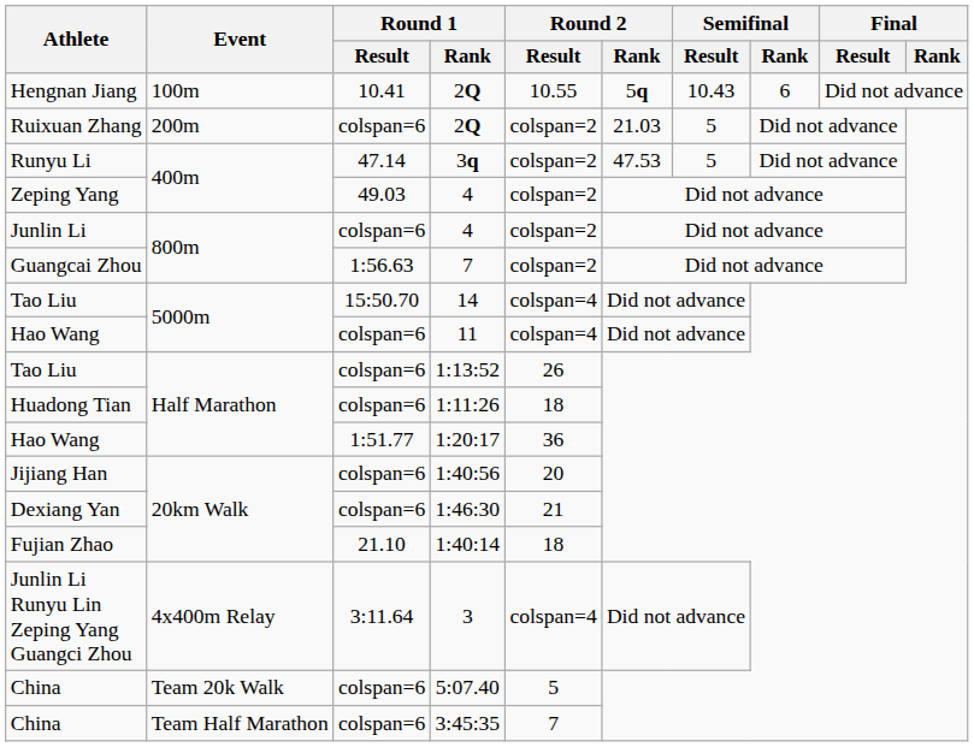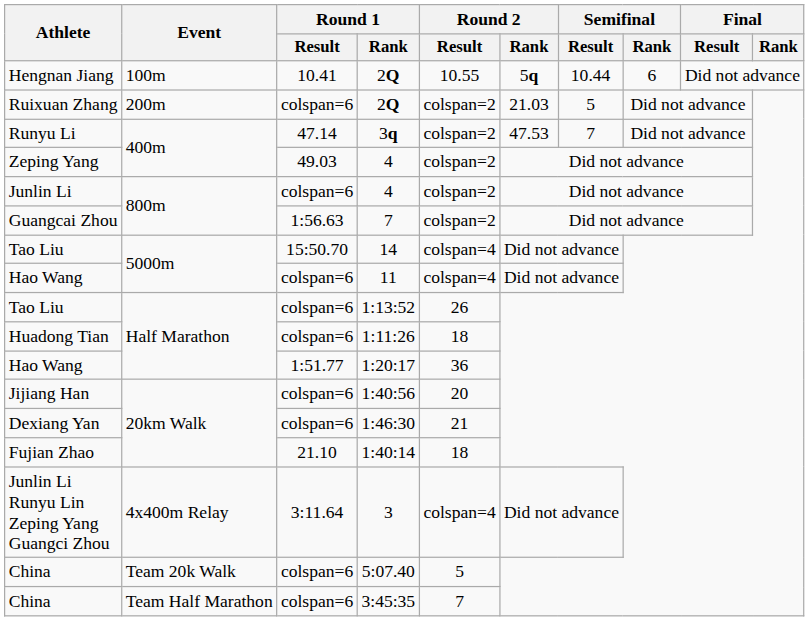 <table class="wikitable" style="font-size:90%">
 <tr>
 <th rowspan="2">Athlete</th>
 <th rowspan="2">Event</th>
 <th colspan="2">Round 1</th>
 <th colspan="2">Round 2</th>
 <th colspan="2">Semifinal</th>
 <th colspan="2">Final</th>
 </tr>
 <tr style="font-size:95%">
 <th>Result</th>
 <th>Rank</th>
 <th>Result</th>
 <th>Rank</th>
 <th>Result</th>
 <th>Rank</th>
 <th>Result</th>
 <th>Rank</th>
 </tr>
 <tr align=center>
 <td align=left>Hengnan Jiang</td>
 <td align=left>100m</td>
 <td>10.41</td>
 <td>2<strong>Q</strong></td>
 <td>10.55</td>
 <td>5<strong>q</strong></td>
-<td>10.43</td>
+<td>10.44</td>
 <td>6</td>
 <td colspan=2>Did not advance</td>
 </tr>
 <tr align=center>
 <td align=left>Ruixuan Zhang</td>
 <td align=left>200m</td>
 <td>colspan=6 </td>
 <td>2<strong>Q</strong></td>
 <td>colspan=2 </td>
 <td>21.03</td>
 <td>5</td>
 <td colspan=2>Did not advance</td>
 </tr>
 <tr align=center>
 <td align=left>Runyu Li</td>
 <td align=left rowspan=2>400m</td>
 <td>47.14</td>
 <td>3<strong>q</strong></td>
 <td>colspan=2 </td>
 <td>47.53</td>
-<td>5</td>
+<td>7</td>
 <td colspan=2>Did not advance</td>
 </tr>
 <tr align=center>
 <td align=left>Zeping Yang</td>
 <td>49.03</td>
 <td>4</td>
 <td>colspan=2 </td>
 <td colspan=4>Did not advance</td>
 </tr>
 <tr align=center>
 <td align=left>Junlin Li</td>
 <td align=left rowspan=2>800m</td>
 <td>colspan=6 </td>
 <td>4</td>
 <td>colspan=2 </td>
 <td colspan=4>Did not advance</td>
 </tr>
 <tr align=center>
 <td align=left>Guangcai Zhou</td>
 <td>1:56.63</td>
 <td>7</td>
 <td>colspan=2 </td>
 <td colspan=4>Did not advance</td>
 </tr>
 <tr align=center>
 <td align=left>Tao Liu</td>
 <td align=left rowspan=2>5000m</td>
 <td>15:50.70</td>
 <td>14</td>
 <td>colspan=4 </td>
 <td colspan=2>Did not advance</td>
 </tr>
 <tr align=center>
 <td align=left>Hao Wang</td>
 <td>colspan=6 </td>
 <td>11</td>
 <td>colspan=4 </td>
 <td colspan=2>Did not advance</td>
 </tr>
 <tr align=center>
 <td align=left>Tao Liu</td>
 <td align=left rowspan=3>Half Marathon</td>
 <td>colspan=6 </td>
 <td>1:13:52</td>
 <td>26</td>
 </tr>
 <tr align=center>
 <td align=left>Huadong Tian</td>
 <td>colspan=6 </td>
 <td>1:11:26</td>
 <td>18</td>
 </tr>
 <tr align=center>
 <td align=left>Hao Wang</td>
 <td>1:51.77</td>
 <td>1:20:17</td>
 <td>36</td>
 </tr>
 <tr align=center>
 <td align=left>Jijiang Han</td>
 <td align=left rowspan=3>20km Walk</td>
 <td>colspan=6 </td>
 <td>1:40:56</td>
 <td>20</td>
 </tr>
 <tr align=center>
 <td align=left>Dexiang Yan</td>
 <td>colspan=6 </td>
 <td>1:46:30</td>
 <td>21</td>
 </tr>
 <tr align=center>
 <td align=left>Fujian Zhao</td>
 <td>21.10</td>
 <td>1:40:14</td>
 <td>18</td>
 </tr>
 <tr align=center>
 <td align=left>Junlin Li<br>Runyu Lin<br>Zeping Yang<br>Guangci Zhou</td>
 <td align=left>4x400m Relay</td>
 <td>3:11.64</td>
 <td>3</td>
 <td>colspan=4 </td>
 <td colspan=2>Did not advance</td>
 </tr>
 <tr align=center>
 <td align=left>China</td>
 <td align=left>Team 20k Walk</td>
 <td>colspan=6 </td>
 <td>5:07.40</td>
 <td>5</td>
 </tr>
 <tr align=center>
 <td align=left>China</td>
 <td align=left>Team Half Marathon</td>
 <td>colspan=6 </td>
 <td>3:45:35</td>
 <td>7</td>
 </tr>
 </table>
